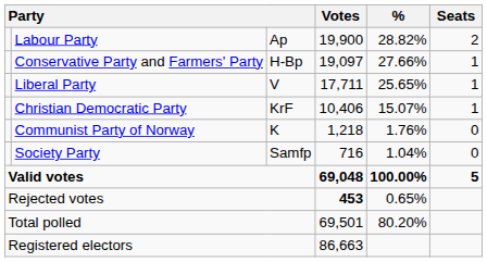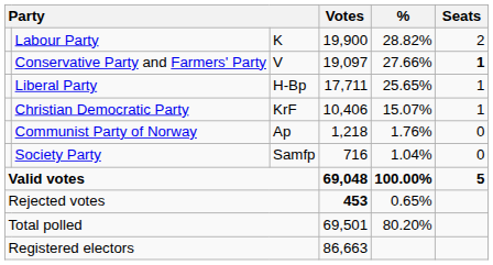 <table class="wikitable" border="1" style="text-align:right;">
 <tr>
 <th style="text-align:left;" colspan=3>Party</th>
 <th align=center width="50">Votes</th>
 <th align=center width="50">%</th>
 <th align=center width="50">Seats</th>
 </tr>
 <tr>
 <td style="color:inherit;background:"></td>
 <td align=left><a href='#'>Labour Party</a></td>
-<td align=left>Ap</td>
+<td align=left>K</td>
 <td>19,900</td>
 <td>28.82%</td>
 <td>2</td>
 </tr>
 <tr>
 <td></td>
 <td align=left><a href='#'>Conservative Party</a> and <a href='#'>Farmers' Party</a></td>
-<td align=left>H-Bp</td>
+<td align=left>V</td>
 <td>19,097</td>
 <td>27.66%</td>
-<td>1</td>
+<td><strong>1</strong></td>
 </tr>
 <tr>
 <td style="color:inherit;background:"></td>
 <td align=left><a href='#'>Liberal Party</a></td>
-<td align=left>V</td>
+<td align=left>H-Bp</td>
 <td>17,711</td>
 <td>25.65%</td>
 <td>1</td>
 </tr>
 <tr>
 <td style="color:inherit;background:"></td>
 <td align=left><a href='#'>Christian Democratic Party</a></td>
 <td align=left>KrF</td>
 <td>10,406</td>
 <td>15.07%</td>
 <td>1</td>
 </tr>
 <tr>
 <td style="color:inherit;background:"></td>
 <td align=left><a href='#'>Communist Party of Norway</a></td>
-<td align=left>K</td>
+<td align=left>Ap</td>
 <td>1,218</td>
 <td>1.76%</td>
 <td>0</td>
 </tr>
 <tr>
 <td></td>
 <td align=left><a href='#'>Society Party</a></td>
 <td align=left>Samfp</td>
 <td>716</td>
 <td>1.04%</td>
 <td>0</td>
 </tr>
 <tr style="font-weight:bold">
 <td align=left colspan=3>Valid votes</td>
 <td>69,048</td>
 <td>100.00%</td>
 <td>5</td>
 </tr>
 <tr>
 <td align=left colspan=3>Rejected votes</td>
 <td><strong>453</strong></td>
 <td>0.65%</td>
 <td></td>
 </tr>
 <tr>
 <td align=left colspan=3>Total polled</td>
 <td>69,501</td>
 <td>80.20%</td>
 <td></td>
 </tr>
 <tr>
 <td align=left colspan=3>Registered electors</td>
 <td>86,663</td>
 <td></td>
 <td></td>
 </tr>
 </table>
